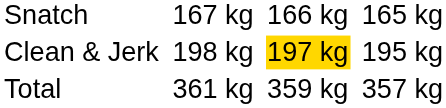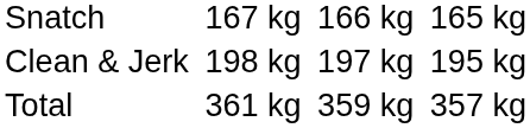 <table>
 <tr>
 <td>Snatch</td>
 <td></td>
 <td>167 kg</td>
 <td></td>
 <td>166 kg</td>
 <td></td>
 <td>165 kg</td>
 </tr>
 <tr>
 <td>Clean & Jerk</td>
 <td></td>
 <td>198 kg</td>
 <td></td>
-<td style="background: gold;">197 kg</td>
+<td>197 kg</td>
 <td></td>
 <td>195 kg</td>
 </tr>
 <tr>
 <td>Total</td>
 <td></td>
 <td>361 kg</td>
 <td></td>
 <td>359 kg</td>
 <td></td>
 <td>357 kg</td>
 </tr>
 </table>
